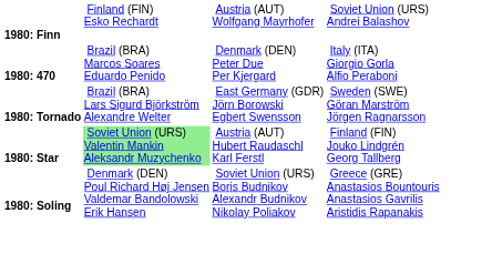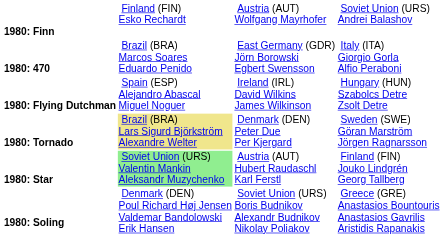 <table>
 <tr>
 <td style="align:center;"><br><br><strong>1980: Finn</strong> <br></td>
 <td style="vertical-align:top;"> <a href='#'>Finland</a> <span>(FIN)</span><br><a href='#'>Esko Rechardt</a></td>
 <td style="vertical-align:top;"> <a href='#'>Austria</a> <span>(AUT)</span><br><a href='#'>Wolfgang Mayrhofer</a></td>
 <td style="vertical-align:top;"> <a href='#'>Soviet Union</a> <span>(URS)</span><br><a href='#'>Andrei Balashov</a></td>
 </tr>
 <tr>
 <td style="align:center;"><br><br><strong>1980: 470</strong> <br></td>
 <td style="vertical-align:top;"> <a href='#'>Brazil</a> <span>(BRA)</span><br><a href='#'>Marcos Soares</a><br><a href='#'>Eduardo Penido</a></td>
-<td style="vertical-align:top;"> <a href='#'>Denmark</a> <span>(DEN)</span><br><a href='#'>Peter Due</a><br><a href='#'>Per Kjergard</a></td>
+<td style="vertical-align:top;"> <a href='#'>East Germany</a> <span>(GDR)</span><br><a href='#'>Jörn Borowski</a><br><a href='#'>Egbert Swensson</a></td>
 <td style="vertical-align:top;"> <a href='#'>Italy</a> <span>(ITA)</span><br><a href='#'>Giorgio Gorla</a><br><a href='#'>Alfio Peraboni</a></td>
 </tr>
 <tr>
+<td style="align:center;"><br><br><strong>1980: Flying Dutchman</strong> <br></td>
+<td style="vertical-align:top;"> <a href='#'>Spain</a> <span>(ESP)</span><br><a href='#'>Alejandro Abascal</a><br><a href='#'>Miguel Noguer</a></td>
+<td style="vertical-align:top;"> <a href='#'>Ireland</a> <span>(IRL)</span><br><a href='#'>David Wilkins</a><br><a href='#'>James Wilkinson</a></td>
+<td style="vertical-align:top;"> <a href='#'>Hungary</a> <span>(HUN)</span><br><a href='#'>Szabolcs Detre</a><br><a href='#'>Zsolt Detre</a></td>
+</tr>
+<tr>
 <td style="align:center;"><br><br><strong>1980: Tornado</strong> <br></td>
-<td style="vertical-align:top;"> <a href='#'>Brazil</a> <span>(BRA)</span><br><a href='#'>Lars Sigurd Björkström</a><br><a href='#'>Alexandre Welter</a></td>
-<td style="vertical-align:top;"> <a href='#'>East Germany</a> <span>(GDR)</span><br><a href='#'>Jörn Borowski</a><br><a href='#'>Egbert Swensson</a></td>
+<td style="background: khaki; vertical-align:top;"> <a href='#'>Brazil</a> <span>(BRA)</span><br><a href='#'>Lars Sigurd Björkström</a><br><a href='#'>Alexandre Welter</a></td>
+<td style="vertical-align:top;"> <a href='#'>Denmark</a> <span>(DEN)</span><br><a href='#'>Peter Due</a><br><a href='#'>Per Kjergard</a></td>
 <td style="vertical-align:top;"> <a href='#'>Sweden</a> <span>(SWE)</span><br><a href='#'>Göran Marström</a><br><a href='#'>Jörgen Ragnarsson</a></td>
 </tr>
 <tr>
 <td style="align:center;"><br><br><strong>1980: Star</strong> <br></td>
 <td style="background: lightgreen; vertical-align:top;"> <a href='#'>Soviet Union</a> <span>(URS)</span><br><a href='#'>Valentin Mankin</a><br><a href='#'>Aleksandr Muzychenko</a></td>
 <td style="vertical-align:top;"> <a href='#'>Austria</a> <span>(AUT)</span><br><a href='#'>Hubert Raudaschl</a><br><a href='#'>Karl Ferstl</a></td>
 <td style="vertical-align:top;"> <a href='#'>Finland</a> <span>(FIN)</span><br><a href='#'>Jouko Lindgrén</a><br><a href='#'>Georg Tallberg</a></td>
 </tr>
 <tr>
 <td style="align:center;"><br><br><strong>1980: Soling</strong> <br></td>
 <td style="vertical-align:top;"> <a href='#'>Denmark</a> <span>(DEN)</span><br><a href='#'>Poul Richard Høj Jensen</a><br><a href='#'>Valdemar Bandolowski</a><br><a href='#'>Erik Hansen</a></td>
 <td style="vertical-align:top;"> <a href='#'>Soviet Union</a> <span>(URS)</span><br><a href='#'>Boris Budnikov</a><br><a href='#'>Alexandr Budnikov</a><br><a href='#'>Nikolay Poliakov</a></td>
 <td style="vertical-align:top;"> <a href='#'>Greece</a> <span>(GRE)</span><br><a href='#'>Anastasios Bountouris</a><br><a href='#'>Anastasios Gavrilis</a><br><a href='#'>Aristidis Rapanakis</a></td>
 </tr>
 </table>
